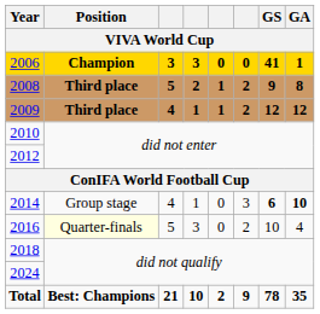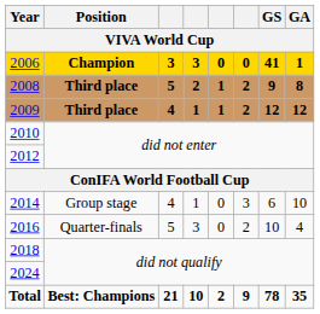 <table class="wikitable" style="text-align:center;">
 <tr>
 <th>Year</th>
 <th>Position</th>
 <th width=20></th>
 <th width=20></th>
 <th width=20></th>
 <th width=20></th>
 <th width=20>GS</th>
 <th width=20>GA</th>
 </tr>
 <tr>
 <th colspan=8>VIVA World Cup</th>
 </tr>
 <tr bgcolor=gold>
 <td> <a href='#'>2006</a></td>
 <td><strong>Champion</strong></td>
 <td><strong>3</strong></td>
 <td><strong>3</strong></td>
 <td><strong>0</strong></td>
 <td><strong>0</strong></td>
 <td><strong>41</strong></td>
 <td><strong>1</strong></td>
 </tr>
 <tr bgcolor=#cc9966>
 <td> <a href='#'>2008</a></td>
 <td><strong>Third place</strong></td>
 <td><strong>5</strong></td>
 <td><strong>2</strong></td>
 <td><strong>1</strong></td>
 <td><strong>2</strong></td>
 <td><strong>9</strong></td>
 <td><strong>8</strong></td>
 </tr>
 <tr bgcolor=#cc9966>
 <td> <a href='#'>2009</a></td>
 <td><strong>Third place</strong></td>
 <td><strong>4</strong></td>
 <td><strong>1</strong></td>
 <td><strong>1</strong></td>
 <td><strong>2</strong></td>
 <td><strong>12</strong></td>
 <td><strong>12</strong></td>
 </tr>
 <tr>
 <td> <a href='#'>2010</a></td>
 <td rowspan=2 colspan=7><em>did not enter</em></td>
 </tr>
 <tr>
 <td> <a href='#'>2012</a></td>
 </tr>
 <tr>
 <th colspan=8>ConIFA World Football Cup</th>
 </tr>
 <tr>
 <td> <a href='#'>2014</a></td>
 <td>Group stage</td>
 <td>4</td>
 <td>1</td>
 <td>0</td>
 <td>3</td>
-<td><strong>6</strong></td>
-<td><strong>10</strong></td>
+<td>6</td>
+<td>10</td>
 </tr>
 <tr>
 <td> <a href='#'>2016</a></td>
-<td style="background: lightyellow;">Quarter-finals</td>
+<td>Quarter-finals</td>
 <td>5</td>
 <td>3</td>
 <td>0</td>
 <td>2</td>
 <td>10</td>
 <td>4</td>
 </tr>
 <tr>
 <td> <a href='#'>2018</a></td>
 <td colspan="7" rowspan="2"><em>did not qualify</em></td>
 </tr>
 <tr>
 <td> <a href='#'>2024</a></td>
 </tr>
 <tr>
 <td><strong>Total</strong></td>
 <td><strong>Best: Champions</strong></td>
 <td><strong>21</strong></td>
 <td><strong>10</strong></td>
 <td><strong>2</strong></td>
 <td><strong>9</strong></td>
 <td><strong>78</strong></td>
 <td><strong>35</strong></td>
 </tr>
 </table>
